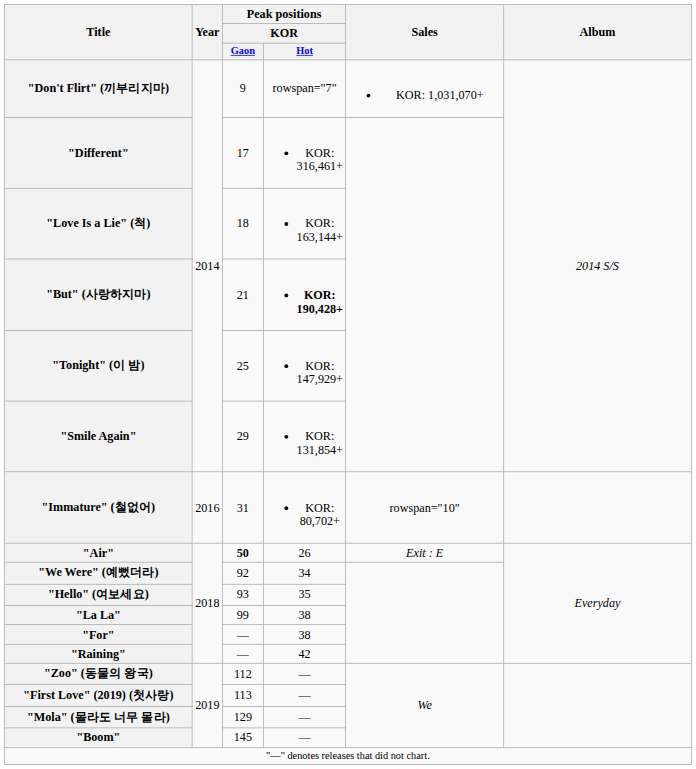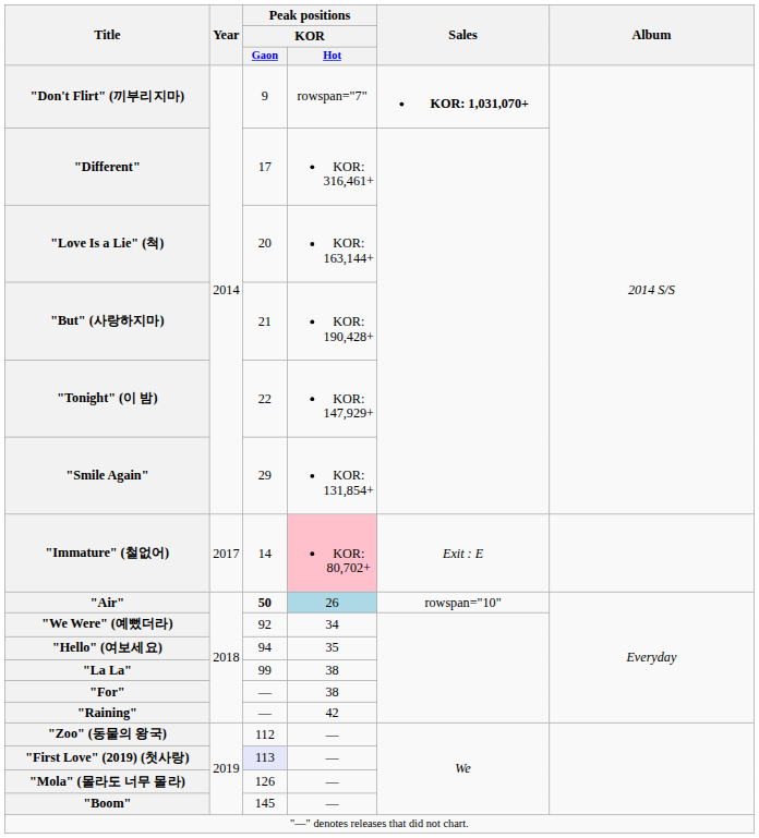 <table class="wikitable plainrowheaders" style="text-align:center;">
 <tr>
 <th scope="col" rowspan="3" style="width:15em;">Title</th>
 <th scope="col" rowspan="3" style="width:2em;">Year</th>
 <th scope="col" colspan="2">Peak positions</th>
 <th scope="col" rowspan="3" style="width:12.5em;">Sales</th>
 <th scope="col" rowspan="3" style="width:15em;">Album</th>
 </tr>
 <tr>
 <th scope="col" colspan="2">KOR</th>
 </tr>
 <tr>
 <th scope="col" style="width:3.5em;font-size:85%;"><a href='#'>Gaon</a><br></th>
 <th scope="col" style="width:3.5em;font-size:85%;"><a href='#'>Hot</a><br></th>
 </tr>
 <tr>
 <th scope="row">"Don't Flirt" (끼부리지마)</th>
 <td rowspan="6">2014</td>
 <td>9</td>
 <td>rowspan="7" </td>
-<td><br><ul><li>KOR: 1,031,070+</li></ul></td>
+<td><strong><br><ul><li>KOR: 1,031,070+</li></ul></strong></td>
 <td rowspan="6"><em>2014 S/S</em></td>
 </tr>
 <tr>
 <th scope="row">"Different"</th>
 <td>17</td>
 <td><br><ul><li>KOR: 316,461+</li></ul></td>
 </tr>
 <tr>
 <th scope="row">"Love Is a Lie" (척)</th>
-<td>18</td>
+<td>20</td>
 <td><br><ul><li>KOR: 163,144+</li></ul></td>
 </tr>
 <tr>
 <th scope="row">"But" (사랑하지마)</th>
 <td>21</td>
-<td><strong><br><ul><li>KOR: 190,428+</li></ul></strong></td>
+<td><br><ul><li>KOR: 190,428+</li></ul></td>
 </tr>
 <tr>
 <th scope="row">"Tonight" (이 밤)</th>
-<td>25</td>
+<td>22</td>
 <td><br><ul><li>KOR: 147,929+</li></ul></td>
 </tr>
 <tr>
 <th scope="row">"Smile Again"</th>
 <td>29</td>
 <td><br><ul><li>KOR: 131,854+</li></ul></td>
 </tr>
 <tr>
 <th scope="row">"Immature" (철없어)</th>
-<td>2016</td>
-<td>31</td>
-<td><br><ul><li>KOR: 80,702+</li></ul></td>
-<td>rowspan="10" </td>
+<td>2017</td>
+<td>14</td>
+<td style="background: pink;"><br><ul><li>KOR: 80,702+</li></ul></td>
+<td><em>Exit : E</em></td>
 </tr>
 <tr>
 <th scope="row">"Air"</th>
 <td rowspan="6">2018</td>
 <td><strong>50</strong></td>
-<td>26</td>
-<td><em>Exit : E</em></td>
+<td style="background: lightblue;">26</td>
+<td>rowspan="10" </td>
 <td rowspan="6"><em>Everyday</em></td>
 </tr>
 <tr>
 <th scope="row">"We Were" (예뻤더라)</th>
 <td>92</td>
 <td>34</td>
 </tr>
 <tr>
 <th scope="row">"Hello" (여보세요)</th>
-<td>93</td>
+<td>94</td>
 <td>35</td>
 </tr>
 <tr>
 <th scope="row">"La La"</th>
 <td>99</td>
 <td>38</td>
 </tr>
 <tr>
 <th scope="row">"For"</th>
 <td>—</td>
 <td>38</td>
 </tr>
 <tr>
 <th scope="row">"Raining"</th>
 <td>—</td>
 <td>42</td>
 </tr>
 <tr>
 <th scope="row">"Zoo" (동물의 왕국)</th>
 <td rowspan="4">2019</td>
 <td>112</td>
 <td>—</td>
 <td rowspan="4"><em>We</em></td>
 </tr>
 <tr>
 <th scope="row">"First Love" (2019) (첫사랑)</th>
-<td>113</td>
+<td style="background: lavender;">113</td>
 <td>—</td>
 </tr>
 <tr>
 <th scope="row">"Mola" (몰라도 너무 몰라)</th>
-<td>129</td>
+<td>126</td>
 <td>—</td>
 </tr>
 <tr>
 <th scope="row">"Boom"</th>
 <td>145</td>
 <td>—</td>
 </tr>
 <tr>
 <td colspan="6" align="center" style="font-size:85%">"—" denotes releases that did not chart.</td>
 </tr>
 </table>
